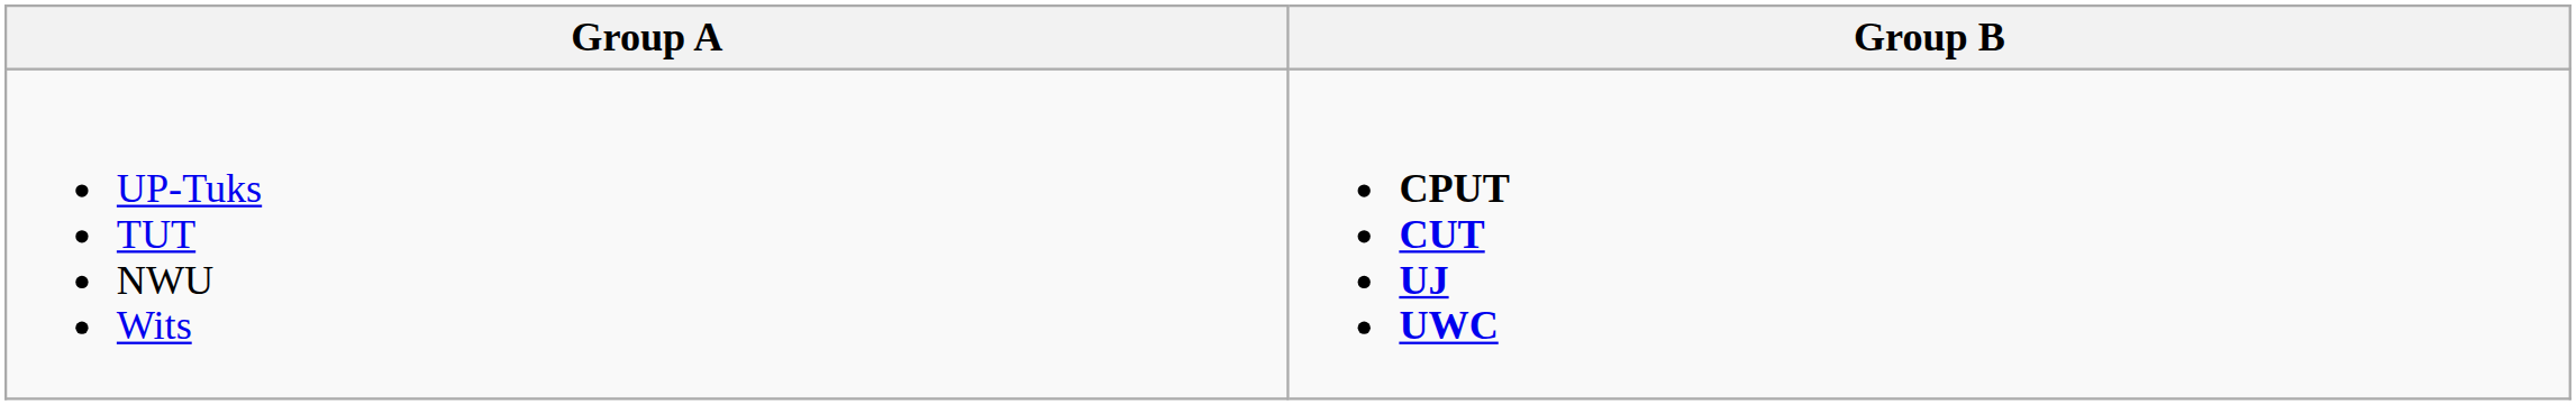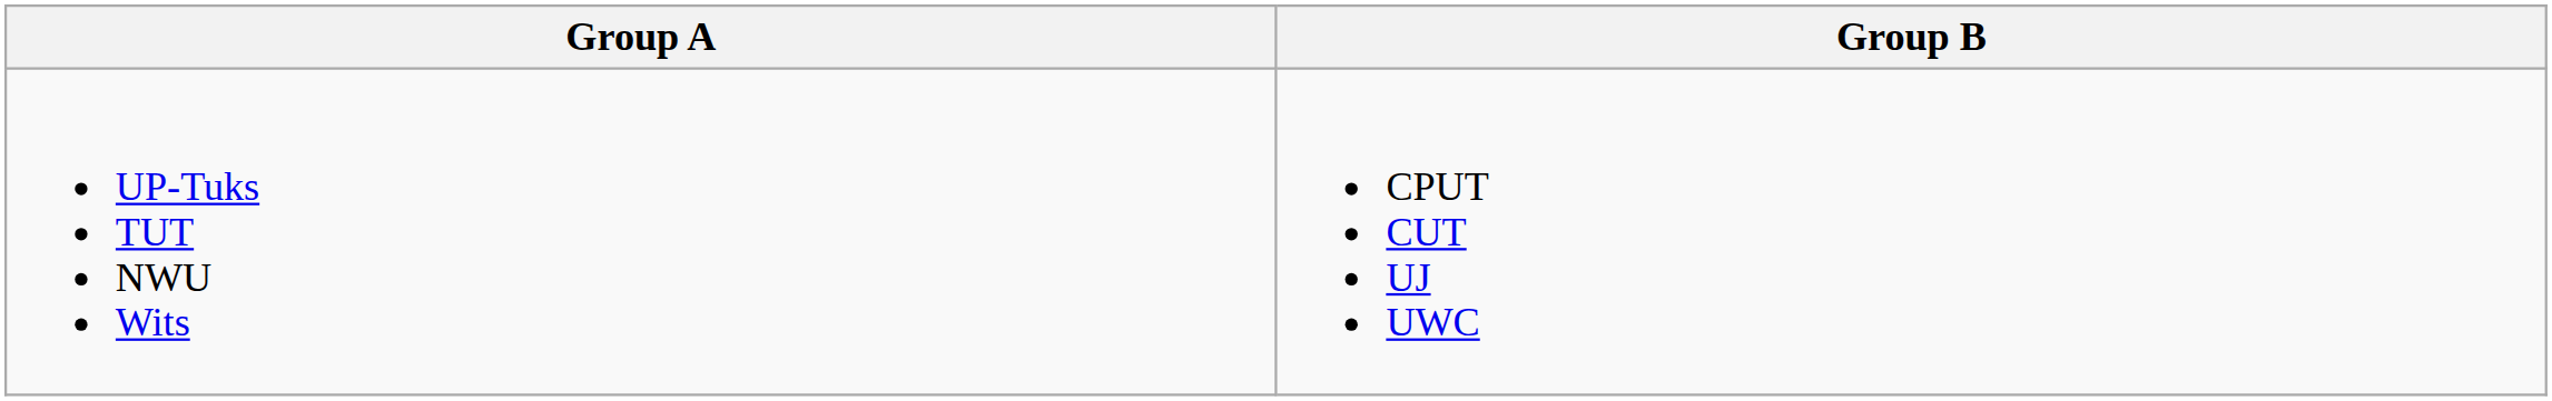 <table class="wikitable" style="width:80%;">
 <tr>
 <th width=25%>Group A</th>
 <th width=25%>Group B</th>
 </tr>
 <tr>
 <td><br><ul><li><a href='#'>UP-Tuks</a></li><li><a href='#'>TUT</a></li><li>NWU</li><li><a href='#'>Wits</a></li></ul></td>
-<td><strong><br><ul><li>CPUT</li><li><a href='#'>CUT</a></li><li><a href='#'>UJ</a></li><li><a href='#'>UWC</a></li></ul></strong></td>
+<td><br><ul><li>CPUT</li><li><a href='#'>CUT</a></li><li><a href='#'>UJ</a></li><li><a href='#'>UWC</a></li></ul></td>
 </tr>
 </table>
